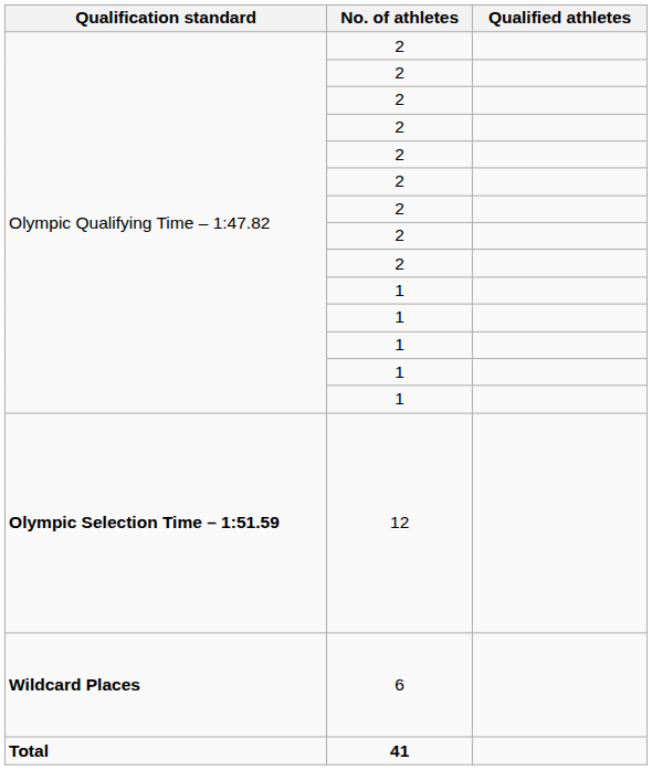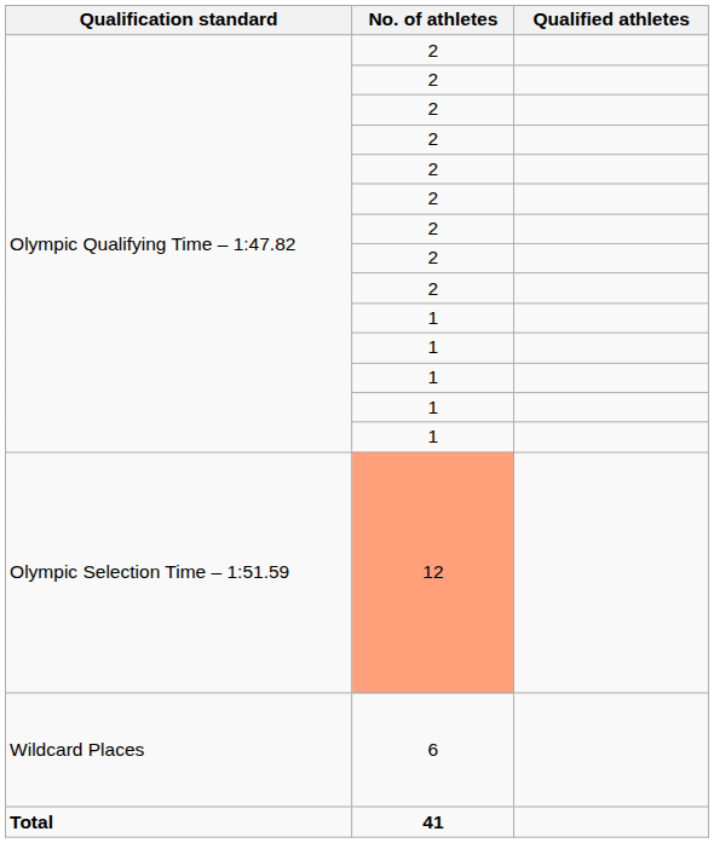 <table class=wikitable style="text-align:left" width=600>
 <tr>
 <th>Qualification standard</th>
 <th>No. of athletes</th>
 <th>Qualified athletes</th>
 </tr>
 <tr>
 <td rowspan="14">Olympic Qualifying Time – 1:47.82</td>
 <td align=center>2</td>
 <td><br></td>
 </tr>
 <tr>
 <td align=center>2</td>
 <td><br></td>
 </tr>
 <tr>
 <td align=center>2</td>
 <td> <br></td>
 </tr>
 <tr>
 <td align=center>2</td>
 <td><br></td>
 </tr>
 <tr>
 <td align=center>2</td>
 <td><br></td>
 </tr>
 <tr>
 <td align=center>2</td>
 <td><br></td>
 </tr>
 <tr>
 <td align=center>2</td>
 <td><br></td>
 </tr>
 <tr>
 <td align=center>2</td>
 <td><br></td>
 </tr>
 <tr>
 <td align=center>2</td>
 <td><br></td>
 </tr>
 <tr>
 <td align=center>1</td>
 <td></td>
 </tr>
 <tr>
 <td align=center>1</td>
 <td></td>
 </tr>
 <tr>
 <td align=center>1</td>
 <td></td>
 </tr>
 <tr>
 <td align=center>1</td>
 <td></td>
 </tr>
 <tr>
 <td align=center>1</td>
 <td></td>
 </tr>
 <tr>
-<td rowspan="1"><strong>Olympic Selection Time – 1:51.59</strong></td>
-<td align=center>12</td>
+<td rowspan="1">Olympic Selection Time – 1:51.59</td>
+<td align=center style="background: lightsalmon;">12</td>
 <td> <br>  <br>  <br>  <br>  <br>  <br>  <br> <br>  <br> <br><br> </td>
 </tr>
 <tr>
-<td rowspan="1"><strong>Wildcard Places</strong></td>
+<td rowspan="1">Wildcard Places</td>
 <td align=center>6</td>
 <td><br><br><br><br><br></td>
 </tr>
 <tr>
 <td><strong>Total</strong></td>
 <td align=center><strong>41</strong></td>
 <td></td>
 </tr>
 </table>
